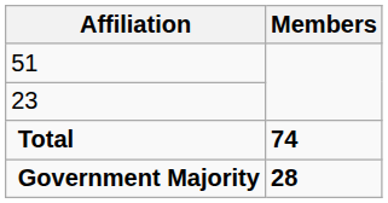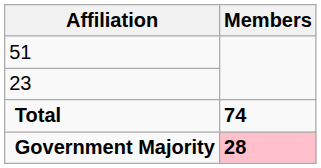 <table class="wikitable">
 <tr>
 <th colspan="2">Affiliation</th>
 <th>Members</th>
 </tr>
 <tr>
 <td>51</td>
 </tr>
 <tr>
 <td>23</td>
 </tr>
 <tr>
 <td colspan="2" rowspan="1" align=left> <strong>Total</strong><br></td>
 <td><strong>74</strong></td>
 </tr>
 <tr>
 <td colspan="2" rowspan="1" align=left> <strong>Government Majority</strong><br></td>
-<td><strong>28</strong></td>
+<td style="background: pink;"><strong>28</strong></td>
 </tr>
 </table>
